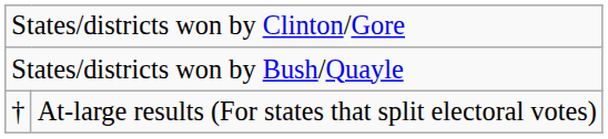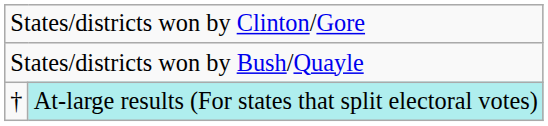 <table class="wikitable">
 <tr>
 <td colspan=2>States/districts won by <a href='#'>Clinton</a>/<a href='#'>Gore</a></td>
 </tr>
 <tr>
 <td colspan=2>States/districts won by <a href='#'>Bush</a>/<a href='#'>Quayle</a></td>
 </tr>
 <tr>
 <td>†</td>
-<td>At-large results (For states that split electoral votes)</td>
+<td style="background: paleturquoise;">At-large results (For states that split electoral votes)</td>
 </tr>
 </table>
